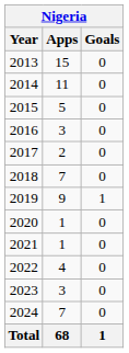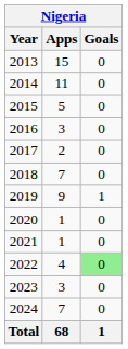 <table class="wikitable" style="text-align:center">
 <tr>
 <th colspan="3"><a href='#'>Nigeria</a></th>
 </tr>
 <tr>
 <th>Year</th>
 <th>Apps</th>
 <th>Goals</th>
 </tr>
 <tr>
 <td>2013</td>
 <td>15</td>
 <td>0</td>
 </tr>
 <tr>
 <td>2014</td>
 <td>11</td>
 <td>0</td>
 </tr>
 <tr>
 <td>2015</td>
 <td>5</td>
 <td>0</td>
 </tr>
 <tr>
 <td>2016</td>
 <td>3</td>
 <td>0</td>
 </tr>
 <tr>
 <td>2017</td>
 <td>2</td>
 <td>0</td>
 </tr>
 <tr>
 <td>2018</td>
 <td>7</td>
 <td>0</td>
 </tr>
 <tr>
 <td>2019</td>
 <td>9</td>
 <td>1</td>
 </tr>
 <tr>
 <td>2020</td>
 <td>1</td>
 <td>0</td>
 </tr>
 <tr>
 <td>2021</td>
 <td>1</td>
 <td>0</td>
 </tr>
 <tr>
 <td>2022</td>
 <td>4</td>
-<td>0</td>
+<td style="background: lightgreen;">0</td>
 </tr>
 <tr>
 <td>2023</td>
 <td>3</td>
 <td>0</td>
 </tr>
 <tr>
 <td>2024</td>
 <td>7</td>
 <td>0</td>
 </tr>
 <tr>
 <th>Total</th>
 <th>68</th>
 <th>1</th>
 </tr>
 </table>
